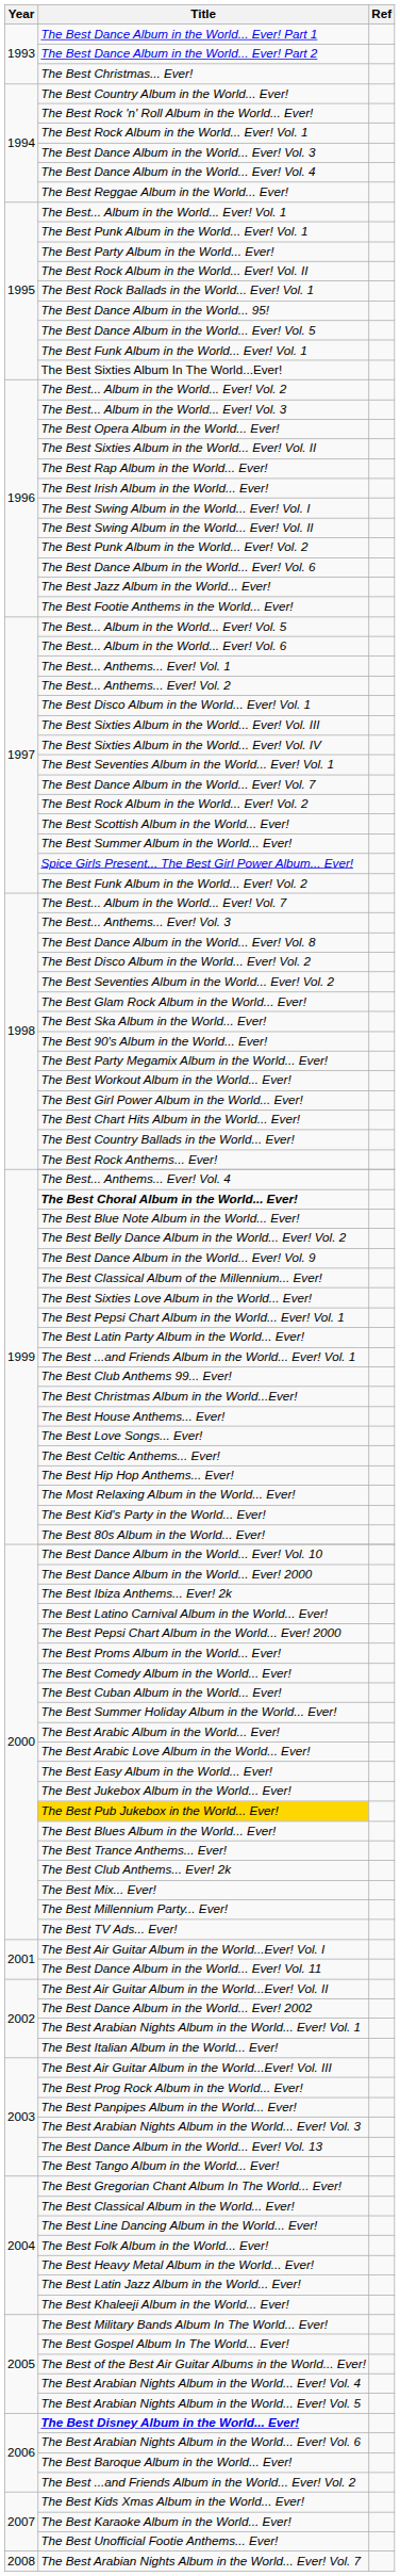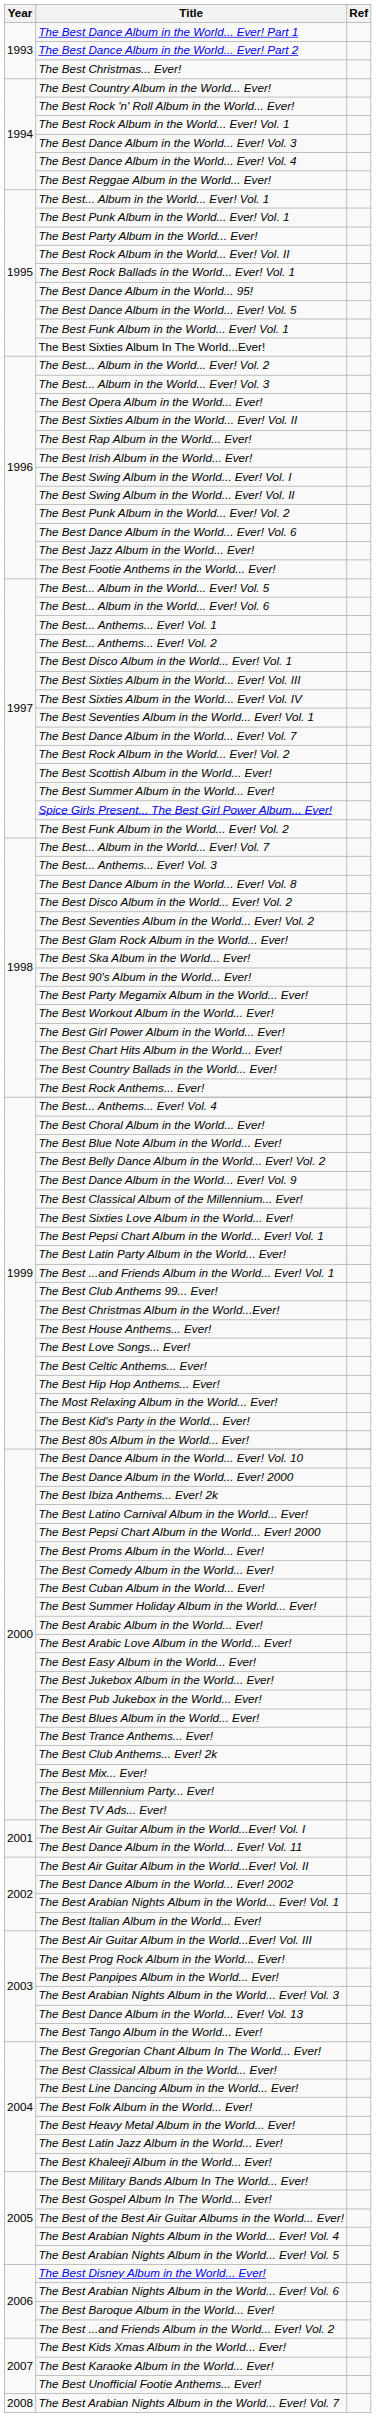 <table class="wikitable">
 <tr>
 <th>Year</th>
 <th>Title</th>
 <th>Ref</th>
 </tr>
 <tr>
 <td rowspan="3">1993</td>
 <td><em><a href='#'>The Best Dance Album in the World... Ever! Part 1</a></em></td>
 <td></td>
 </tr>
 <tr>
 <td><em><a href='#'>The Best Dance Album in the World... Ever! Part 2</a></em></td>
 <td></td>
 </tr>
 <tr>
 <td><em>The Best Christmas... Ever!</em></td>
 <td></td>
 </tr>
 <tr>
 <td rowspan="6">1994</td>
 <td><em>The Best Country Album in the World... Ever!</em></td>
 <td></td>
 </tr>
 <tr>
 <td><em>The Best Rock 'n' Roll Album in the World... Ever!</em></td>
 <td></td>
 </tr>
 <tr>
 <td><em>The Best Rock Album in the World... Ever! Vol. 1</em></td>
 <td></td>
 </tr>
 <tr>
 <td><em>The Best Dance Album in the World... Ever! Vol. 3</em></td>
 <td></td>
 </tr>
 <tr>
 <td><em>The Best Dance Album in the World... Ever! Vol. 4</em></td>
 <td></td>
 </tr>
 <tr>
 <td><em>The Best Reggae Album in the World... Ever!</em></td>
 <td></td>
 </tr>
 <tr>
 <td rowspan="9">1995</td>
 <td><em>The Best... Album in the World... Ever! Vol. 1</em></td>
 <td></td>
 </tr>
 <tr>
 <td><em>The Best Punk Album in the World... Ever! Vol. 1</em></td>
 <td></td>
 </tr>
 <tr>
 <td><em>The Best Party Album in the World... Ever!</em></td>
 <td></td>
 </tr>
 <tr>
 <td><em>The Best Rock Album in the World... Ever! Vol. II</em></td>
 <td></td>
 </tr>
 <tr>
 <td><em>The Best Rock Ballads in the World... Ever! Vol. 1</em></td>
 <td></td>
 </tr>
 <tr>
 <td><em>The Best Dance Album in the World... 95!</em></td>
 <td></td>
 </tr>
 <tr>
 <td><em>The Best Dance Album in the World... Ever! Vol. 5</em></td>
 <td></td>
 </tr>
 <tr>
 <td><em>The Best Funk Album in the World... Ever! Vol. 1</em></td>
 <td></td>
 </tr>
 <tr>
 <td>The Best Sixties Album In The World...Ever!</td>
 <td></td>
 </tr>
 <tr>
 <td rowspan="12">1996</td>
 <td><em>The Best... Album in the World... Ever! Vol. 2</em></td>
 <td></td>
 </tr>
 <tr>
 <td><em>The Best... Album in the World... Ever! Vol. 3</em></td>
 <td></td>
 </tr>
 <tr>
 <td><em>The Best Opera Album in the World... Ever!</em></td>
 <td></td>
 </tr>
 <tr>
 <td><em>The Best Sixties Album in the World... Ever! Vol. II</em></td>
 <td></td>
 </tr>
 <tr>
 <td><em>The Best Rap Album in the World... Ever!</em></td>
 <td></td>
 </tr>
 <tr>
 <td><em>The Best Irish Album in the World... Ever!</em></td>
 <td></td>
 </tr>
 <tr>
 <td><em>The Best Swing Album in the World... Ever! Vol. I</em></td>
 <td></td>
 </tr>
 <tr>
 <td><em>The Best Swing Album in the World... Ever! Vol. II</em></td>
 <td></td>
 </tr>
 <tr>
 <td><em>The Best Punk Album in the World... Ever! Vol. 2</em></td>
 <td></td>
 </tr>
 <tr>
 <td><em>The Best Dance Album in the World... Ever! Vol. 6</em></td>
 <td></td>
 </tr>
 <tr>
 <td><em>The Best Jazz Album in the World... Ever!</em></td>
 <td></td>
 </tr>
 <tr>
 <td><em>The Best Footie Anthems in the World... Ever!</em></td>
 <td></td>
 </tr>
 <tr>
 <td rowspan="14">1997</td>
 <td><em>The Best... Album in the World... Ever! Vol. 5</em></td>
 <td></td>
 </tr>
 <tr>
 <td><em>The Best... Album in the World... Ever! Vol. 6</em></td>
 <td></td>
 </tr>
 <tr>
 <td><em>The Best... Anthems... Ever! Vol. 1</em></td>
 <td></td>
 </tr>
 <tr>
 <td><em>The Best... Anthems... Ever! Vol. 2</em></td>
 <td></td>
 </tr>
 <tr>
 <td><em>The Best Disco Album in the World... Ever! Vol. 1</em></td>
 <td></td>
 </tr>
 <tr>
 <td><em>The Best Sixties Album in the World... Ever! Vol. III</em></td>
 <td></td>
 </tr>
 <tr>
 <td><em>The Best Sixties Album in the World... Ever! Vol. IV</em></td>
 <td></td>
 </tr>
 <tr>
 <td><em>The Best Seventies Album in the World... Ever! Vol. 1</em></td>
 <td></td>
 </tr>
 <tr>
 <td><em>The Best Dance Album in the World... Ever! Vol. 7</em></td>
 <td></td>
 </tr>
 <tr>
 <td><em>The Best Rock Album in the World... Ever! Vol. 2</em></td>
 <td></td>
 </tr>
 <tr>
 <td><em>The Best Scottish Album in the World... Ever!</em></td>
 <td></td>
 </tr>
 <tr>
 <td><em>The Best Summer Album in the World... Ever!</em></td>
 <td></td>
 </tr>
 <tr>
 <td><em><a href='#'>Spice Girls Present... The Best Girl Power Album... Ever!</a></em></td>
 <td></td>
 </tr>
 <tr>
 <td><em>The Best Funk Album in the World... Ever! Vol. 2</em></td>
 <td></td>
 </tr>
 <tr>
 <td rowspan="14">1998</td>
 <td><em>The Best... Album in the World... Ever! Vol. 7</em></td>
 <td></td>
 </tr>
 <tr>
 <td><em>The Best... Anthems... Ever! Vol. 3</em></td>
 <td></td>
 </tr>
 <tr>
 <td><em>The Best Dance Album in the World... Ever! Vol. 8</em></td>
 <td></td>
 </tr>
 <tr>
 <td><em>The Best Disco Album in the World... Ever! Vol. 2</em></td>
 <td></td>
 </tr>
 <tr>
 <td><em>The Best Seventies Album in the World... Ever! Vol. 2</em></td>
 <td></td>
 </tr>
 <tr>
 <td><em>The Best Glam Rock Album in the World... Ever!</em></td>
 <td></td>
 </tr>
 <tr>
 <td><em>The Best Ska Album in the World... Ever!</em></td>
 <td></td>
 </tr>
 <tr>
 <td><em>The Best 90's Album in the World... Ever!</em></td>
 <td></td>
 </tr>
 <tr>
 <td><em>The Best Party Megamix Album in the World... Ever!</em></td>
 <td></td>
 </tr>
 <tr>
 <td><em>The Best Workout Album in the World... Ever!</em></td>
 <td></td>
 </tr>
 <tr>
 <td><em>The Best Girl Power Album in the World... Ever!</em></td>
 <td></td>
 </tr>
 <tr>
 <td><em>The Best Chart Hits Album in the World... Ever!</em></td>
 <td></td>
 </tr>
 <tr>
 <td><em>The Best Country Ballads in the World... Ever!</em></td>
 <td></td>
 </tr>
 <tr>
 <td><em>The Best Rock Anthems... Ever!</em></td>
 <td></td>
 </tr>
 <tr>
 <td rowspan="20">1999</td>
 </tr>
 <tr>
 <td><em>The Best... Anthems... Ever! Vol. 4</em></td>
 <td></td>
 </tr>
 <tr>
-<td><strong><em>The Best Choral Album in the World... Ever!</em></strong></td>
+<td><em>The Best Choral Album in the World... Ever!</em></td>
 <td></td>
 </tr>
 <tr>
 <td><em>The Best Blue Note Album in the World... Ever!</em></td>
 <td></td>
 </tr>
 <tr>
 <td><em>The Best Belly Dance Album in the World... Ever! Vol. 2</em></td>
 <td></td>
 </tr>
 <tr>
 <td><em>The Best Dance Album in the World... Ever! Vol. 9</em></td>
 <td></td>
 </tr>
 <tr>
 <td><em>The Best Classical Album of the Millennium... Ever!</em></td>
 <td></td>
 </tr>
 <tr>
 <td><em>The Best Sixties Love Album in the World... Ever!</em></td>
 <td></td>
 </tr>
 <tr>
 <td><em>The Best Pepsi Chart Album in the World... Ever! Vol. 1</em></td>
 <td></td>
 </tr>
 <tr>
 <td><em>The Best Latin Party Album in the World... Ever!</em></td>
 <td></td>
 </tr>
 <tr>
 <td><em>The Best ...and Friends Album in the World... Ever! Vol. 1</em></td>
 <td></td>
 </tr>
 <tr>
 <td><em>The Best Club Anthems 99... Ever!</em></td>
 <td></td>
 </tr>
 <tr>
 <td><em>The Best Christmas Album in the World...Ever!</em></td>
 <td></td>
 </tr>
 <tr>
 <td><em>The Best House Anthems... Ever!</em></td>
 <td></td>
 </tr>
 <tr>
 <td><em>The Best Love Songs... Ever!</em></td>
 <td></td>
 </tr>
 <tr>
 <td><em>The Best Celtic Anthems... Ever!</em></td>
 <td></td>
 </tr>
 <tr>
 <td><em>The Best Hip Hop Anthems... Ever!</em></td>
 <td></td>
 </tr>
 <tr>
 <td><em>The Most Relaxing Album in the World... Ever!</em></td>
 <td></td>
 </tr>
 <tr>
 <td><em>The Best Kid's Party in the World... Ever!</em></td>
 <td></td>
 </tr>
 <tr>
 <td><em>The Best 80s Album in the World... Ever!</em></td>
 <td></td>
 </tr>
 <tr>
 <td rowspan="21">2000</td>
 </tr>
 <tr>
 <td><em>The Best Dance Album in the World... Ever! Vol. 10</em></td>
 <td></td>
 </tr>
 <tr>
 <td><em>The Best Dance Album in the World... Ever! 2000</em></td>
 <td></td>
 </tr>
 <tr>
 <td><em>The Best Ibiza Anthems... Ever! 2k</em></td>
 <td></td>
 </tr>
 <tr>
 <td><em>The Best Latino Carnival Album in the World... Ever!</em></td>
 <td></td>
 </tr>
 <tr>
 <td><em>The Best Pepsi Chart Album in the World... Ever! 2000</em></td>
 <td></td>
 </tr>
 <tr>
 <td><em>The Best Proms Album in the World... Ever!</em></td>
 <td></td>
 </tr>
 <tr>
 <td><em>The Best Comedy Album in the World... Ever!</em></td>
 <td></td>
 </tr>
 <tr>
 <td><em>The Best Cuban Album in the World... Ever!</em></td>
 <td></td>
 </tr>
 <tr>
 <td><em>The Best Summer Holiday Album in the World... Ever!</em></td>
 <td></td>
 </tr>
 <tr>
 <td><em>The Best Arabic Album in the World... Ever!</em></td>
 <td></td>
 </tr>
 <tr>
 <td><em>The Best Arabic Love Album in the World... Ever!</em></td>
 <td></td>
 </tr>
 <tr>
 <td><em>The Best Easy Album in the World... Ever!</em></td>
 <td></td>
 </tr>
 <tr>
 <td><em>The Best Jukebox Album in the World... Ever!</em></td>
 <td></td>
 </tr>
 <tr>
-<td style="background: gold;"><em>The Best Pub Jukebox in the World... Ever!</em></td>
+<td><em>The Best Pub Jukebox in the World... Ever!</em></td>
 <td></td>
 </tr>
 <tr>
 <td><em>The Best Blues Album in the World... Ever!</em></td>
 <td></td>
 </tr>
 <tr>
 <td><em>The Best Trance Anthems... Ever!</em></td>
 <td></td>
 </tr>
 <tr>
 <td><em>The Best Club Anthems... Ever! 2k</em></td>
 <td></td>
 </tr>
 <tr>
 <td><em>The Best Mix... Ever!</em></td>
 <td></td>
 </tr>
 <tr>
 <td><em>The Best Millennium Party... Ever!</em></td>
 <td></td>
 </tr>
 <tr>
 <td><em>The Best TV Ads... Ever!</em></td>
 <td></td>
 </tr>
 <tr>
 <td rowspan="2">2001</td>
 <td><em>The Best Air Guitar Album in the World...Ever! Vol. I</em></td>
 <td></td>
 </tr>
 <tr>
 <td><em>The Best Dance Album in the World... Ever! Vol. 11</em></td>
 <td></td>
 </tr>
 <tr>
 <td rowspan="4">2002</td>
 <td><em>The Best Air Guitar Album in the World...Ever! Vol. II</em></td>
 <td></td>
 </tr>
 <tr>
 <td><em>The Best Dance Album in the World... Ever! 2002</em></td>
 <td></td>
 </tr>
 <tr>
 <td><em>The Best Arabian Nights Album in the World... Ever! Vol. 1</em></td>
 <td></td>
 </tr>
 <tr>
 <td><em>The Best Italian Album in the World... Ever!</em></td>
 <td></td>
 </tr>
 <tr>
 <td rowspan="6">2003</td>
 <td><em>The Best Air Guitar Album in the World...Ever! Vol. III</em></td>
 <td></td>
 </tr>
 <tr>
 <td><em>The Best Prog Rock Album in the World... Ever!</em></td>
 <td></td>
 </tr>
 <tr>
 <td><em>The Best Panpipes Album in the World... Ever!</em></td>
 <td></td>
 </tr>
 <tr>
 <td><em>The Best Arabian Nights Album in the World... Ever! Vol. 3</em></td>
 <td></td>
 </tr>
 <tr>
 <td><em>The Best Dance Album in the World... Ever! Vol. 13</em></td>
 <td></td>
 </tr>
 <tr>
 <td><em>The Best Tango Album in the World... Ever!</em></td>
 <td></td>
 </tr>
 <tr>
 <td rowspan="7">2004</td>
 <td><em>The Best Gregorian Chant Album In The World... Ever!</em></td>
 <td></td>
 </tr>
 <tr>
 <td><em>The Best Classical Album in the World... Ever!</em></td>
 <td></td>
 </tr>
 <tr>
 <td><em>The Best Line Dancing Album in the World... Ever!</em></td>
 <td></td>
 </tr>
 <tr>
 <td><em>The Best Folk Album in the World... Ever!</em></td>
 <td></td>
 </tr>
 <tr>
 <td><em>The Best Heavy Metal Album in the World... Ever!</em></td>
 <td></td>
 </tr>
 <tr>
 <td><em>The Best Latin Jazz Album in the World... Ever!</em></td>
 <td></td>
 </tr>
 <tr>
 <td><em>The Best Khaleeji Album in the World... Ever!</em></td>
 <td></td>
 </tr>
 <tr>
 <td rowspan="5">2005</td>
 <td><em>The Best Military Bands Album In The World... Ever!</em></td>
 <td></td>
 </tr>
 <tr>
 <td><em> The Best Gospel Album In The World... Ever!</em></td>
 <td></td>
 </tr>
 <tr>
 <td><em>The Best of the Best Air Guitar Albums in the World... Ever!</em></td>
 <td></td>
 </tr>
 <tr>
 <td><em>The Best Arabian Nights Album in the World... Ever! Vol. 4</em></td>
 <td></td>
 </tr>
 <tr>
 <td><em>The Best Arabian Nights Album in the World... Ever! Vol. 5</em></td>
 <td></td>
 </tr>
 <tr>
 <td rowspan="4">2006</td>
-<td><strong><em><a href='#'>The Best Disney Album in the World... Ever!</a></em></strong></td>
+<td><em><a href='#'>The Best Disney Album in the World... Ever!</a></em></td>
 <td></td>
 </tr>
 <tr>
 <td><em>The Best Arabian Nights Album in the World... Ever! Vol. 6</em></td>
 <td></td>
 </tr>
 <tr>
 <td><em>The Best Baroque Album in the World... Ever!</em></td>
 <td></td>
 </tr>
 <tr>
 <td><em>The Best ...and Friends Album in the World... Ever! Vol. 2</em></td>
 <td></td>
 </tr>
 <tr>
 <td rowspan="3">2007</td>
 <td><em>The Best Kids Xmas Album in the World... Ever!</em></td>
 <td></td>
 </tr>
 <tr>
 <td><em>The Best Karaoke Album in the World... Ever!</em></td>
 <td></td>
 </tr>
 <tr>
 <td><em>The Best Unofficial Footie Anthems... Ever!</em></td>
 <td></td>
 </tr>
 <tr>
 <td>2008</td>
 <td><em>The Best Arabian Nights Album in the World... Ever! Vol. 7</em></td>
 <td></td>
 </tr>
 </table>
